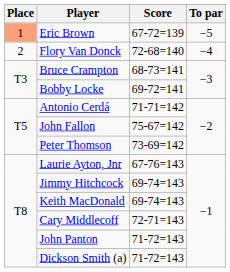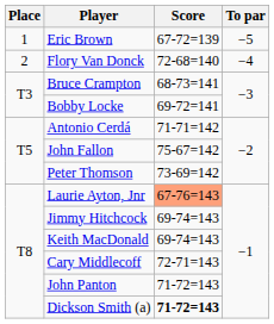 <table class="wikitable">
 <tr>
 <th>Place</th>
 <th>Player</th>
 <th>Score</th>
 <th>To par</th>
 </tr>
 <tr>
-<td align=center style="background: lightsalmon;">1</td>
+<td align=center>1</td>
 <td> <a href='#'>Eric Brown</a></td>
 <td align=center>67-72=139</td>
 <td align=center>−5</td>
 </tr>
 <tr>
 <td align=center>2</td>
 <td> <a href='#'>Flory Van Donck</a></td>
 <td align=center>72-68=140</td>
 <td align=center>−4</td>
 </tr>
 <tr>
 <td rowspan="2" align=center>T3</td>
 <td> <a href='#'>Bruce Crampton</a></td>
 <td align=center>68-73=141</td>
 <td rowspan="2" align=center>−3</td>
 </tr>
 <tr>
 <td> <a href='#'>Bobby Locke</a></td>
 <td align=center>69-72=141</td>
 </tr>
 <tr>
 <td rowspan="3" align=center>T5</td>
 <td> <a href='#'>Antonio Cerdá</a></td>
 <td align=center>71-71=142</td>
 <td rowspan="3" align=center>−2</td>
 </tr>
 <tr>
 <td> <a href='#'>John Fallon</a></td>
 <td align=center>75-67=142</td>
 </tr>
 <tr>
 <td> <a href='#'>Peter Thomson</a></td>
 <td align=center>73-69=142</td>
 </tr>
 <tr>
 <td rowspan="6" align=center>T8</td>
 <td> <a href='#'>Laurie Ayton, Jnr</a></td>
-<td align=center>67-76=143</td>
+<td align=center style="background: lightsalmon;">67-76=143</td>
 <td rowspan="6" align=center>−1</td>
 </tr>
 <tr>
 <td> <a href='#'>Jimmy Hitchcock</a></td>
 <td align=center>69-74=143</td>
 </tr>
 <tr>
 <td> <a href='#'>Keith MacDonald</a></td>
 <td align=center>69-74=143</td>
 </tr>
 <tr>
 <td> <a href='#'>Cary Middlecoff</a></td>
 <td align=center>72-71=143</td>
 </tr>
 <tr>
 <td> <a href='#'>John Panton</a></td>
 <td align=center>71-72=143</td>
 </tr>
 <tr>
 <td> <a href='#'>Dickson Smith</a> (a)</td>
-<td align=center>71-72=143</td>
+<td align=center><strong>71-72=143</strong></td>
 </tr>
 </table>
